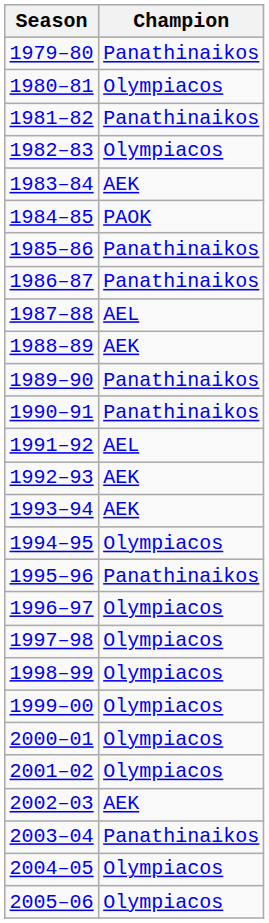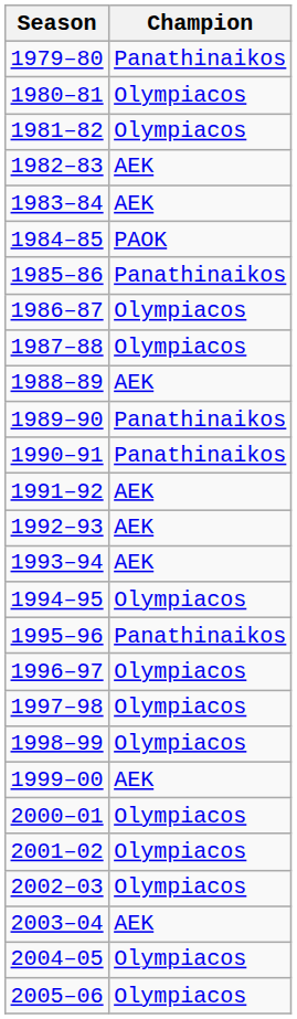 <table class="wikitable sortable" style="display:inline-table">
 <tr>
 <th>Season</th>
 <th>Champion</th>
 </tr>
 <tr>
 <td><a href='#'>1979–80</a></td>
 <td> <a href='#'>Panathinaikos</a></td>
 </tr>
 <tr>
 <td><a href='#'>1980–81</a></td>
 <td> <a href='#'>Olympiacos</a></td>
 </tr>
 <tr>
 <td><a href='#'>1981–82</a></td>
-<td> <a href='#'>Panathinaikos</a></td>
+<td> <a href='#'>Olympiacos</a></td>
 </tr>
 <tr>
 <td><a href='#'>1982–83</a></td>
-<td> <a href='#'>Olympiacos</a></td>
+<td> <a href='#'>AEK</a></td>
 </tr>
 <tr>
 <td><a href='#'>1983–84</a></td>
 <td> <a href='#'>AEK</a></td>
 </tr>
 <tr>
 <td><a href='#'>1984–85</a></td>
 <td> <a href='#'>PAOK</a></td>
 </tr>
 <tr>
 <td><a href='#'>1985–86</a></td>
 <td> <a href='#'>Panathinaikos</a></td>
 </tr>
 <tr>
 <td><a href='#'>1986–87</a></td>
-<td> <a href='#'>Panathinaikos</a></td>
+<td> <a href='#'>Olympiacos</a></td>
 </tr>
 <tr>
 <td><a href='#'>1987–88</a></td>
-<td> <a href='#'>AEL</a></td>
+<td> <a href='#'>Olympiacos</a></td>
 </tr>
 <tr>
 <td><a href='#'>1988–89</a></td>
 <td> <a href='#'>AEK</a></td>
 </tr>
 <tr>
 <td><a href='#'>1989–90</a></td>
 <td> <a href='#'>Panathinaikos</a></td>
 </tr>
 <tr>
 <td><a href='#'>1990–91</a></td>
 <td> <a href='#'>Panathinaikos</a></td>
 </tr>
 <tr>
 <td><a href='#'>1991–92</a></td>
-<td> <a href='#'>AEL</a></td>
+<td> <a href='#'>AEK</a></td>
 </tr>
 <tr>
 <td><a href='#'>1992–93</a></td>
 <td> <a href='#'>AEK</a></td>
 </tr>
 <tr>
 <td><a href='#'>1993–94</a></td>
 <td> <a href='#'>AEK</a></td>
 </tr>
 <tr>
 <td><a href='#'>1994–95</a></td>
 <td> <a href='#'>Olympiacos</a></td>
 </tr>
 <tr>
 <td><a href='#'>1995–96</a></td>
 <td> <a href='#'>Panathinaikos</a></td>
 </tr>
 <tr>
 <td><a href='#'>1996–97</a></td>
 <td> <a href='#'>Olympiacos</a></td>
 </tr>
 <tr>
 <td><a href='#'>1997–98</a></td>
 <td> <a href='#'>Olympiacos</a></td>
 </tr>
 <tr>
 <td><a href='#'>1998–99</a></td>
 <td> <a href='#'>Olympiacos</a></td>
 </tr>
 <tr>
 <td><a href='#'>1999–00</a></td>
-<td> <a href='#'>Olympiacos</a></td>
+<td> <a href='#'>AEK</a></td>
 </tr>
 <tr>
 <td><a href='#'>2000–01</a></td>
 <td> <a href='#'>Olympiacos</a></td>
 </tr>
 <tr>
 <td><a href='#'>2001–02</a></td>
 <td> <a href='#'>Olympiacos</a></td>
 </tr>
 <tr>
 <td><a href='#'>2002–03</a></td>
-<td> <a href='#'>AEK</a></td>
+<td> <a href='#'>Olympiacos</a></td>
 </tr>
 <tr>
 <td><a href='#'>2003–04</a></td>
-<td> <a href='#'>Panathinaikos</a></td>
+<td> <a href='#'>AEK</a></td>
 </tr>
 <tr>
 <td><a href='#'>2004–05</a></td>
 <td> <a href='#'>Olympiacos</a></td>
 </tr>
 <tr>
 <td><a href='#'>2005–06</a></td>
 <td> <a href='#'>Olympiacos</a></td>
 </tr>
 </table>
